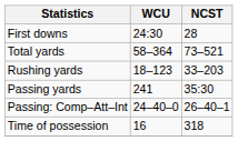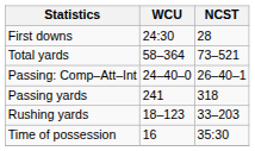 <table class="wikitable" style="float: left;">
 <tr>
 <th>Statistics</th>
 <th>WCU</th>
 <th>NCST</th>
 </tr>
 <tr>
 <td>First downs</td>
 <td>24:30</td>
 <td>28</td>
 </tr>
 <tr>
 <td>Total yards</td>
 <td>58–364</td>
 <td>73–521</td>
 </tr>
 <tr>
+<td>Passing: Comp–Att–Int</td>
+<td>24–40–0</td>
+<td>26–40–1</td>
+</tr>
+<tr>
+<td>Passing yards</td>
+<td>241</td>
+<td>318</td>
+</tr>
+<tr>
 <td>Rushing yards</td>
 <td>18–123</td>
 <td>33–203</td>
 </tr>
 <tr>
-<td>Passing yards</td>
-<td>241</td>
-<td>35:30</td>
-</tr>
-<tr>
-<td>Passing: Comp–Att–Int</td>
-<td>24–40–0</td>
-<td>26–40–1</td>
-</tr>
-<tr>
 <td>Time of possession</td>
 <td>16</td>
-<td>318</td>
+<td>35:30</td>
 </tr>
 <tr>
 </tr>
 </table>
